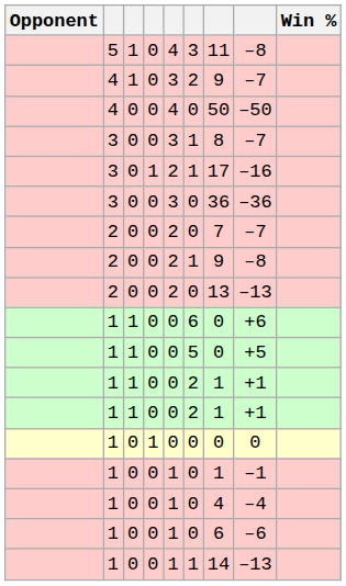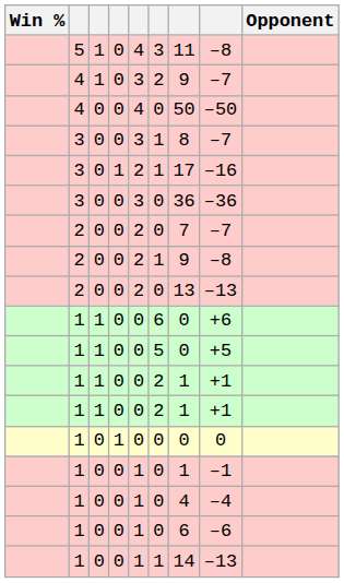 <table class="wikitable sortable" style="text-align:center">
 <tr>
-<th style=;"width:200;">Opponent</th>
+<th style=;"width:70;">Win %</th>
 <th style=;"width:70;"></th>
 <th style=;"width:70;"></th>
 <th style=;"width:70;"></th>
 <th style=;"width:70;"></th>
 <th style=;"width:70;"></th>
 <th style=;"width:70;"></th>
 <th style=;"width:70;"></th>
-<th style=;"width:70;">Win %</th>
+<th style=;"width:200;">Opponent</th>
 </tr>
 <tr style="background-color:#fcc;">
-<td style="text-align:left;"></td>
+<td></td>
 <td>5</td>
 <td>1</td>
 <td>0</td>
 <td>4</td>
 <td>3</td>
 <td>11</td>
 <td>–8</td>
-<td></td>
+<td style="text-align:left;"></td>
 </tr>
 <tr style="background-color:#fcc;">
-<td style="text-align:left;"></td>
+<td></td>
 <td>4</td>
 <td>1</td>
 <td>0</td>
 <td>3</td>
 <td>2</td>
 <td>9</td>
 <td>–7</td>
-<td></td>
+<td style="text-align:left;"></td>
 </tr>
 <tr style="background-color:#fcc;">
-<td style="text-align:left;"></td>
+<td></td>
 <td>4</td>
 <td>0</td>
 <td>0</td>
 <td>4</td>
 <td>0</td>
 <td>50</td>
 <td>–50</td>
-<td></td>
+<td style="text-align:left;"></td>
 </tr>
 <tr style="background-color:#fcc;">
-<td style="text-align:left;"></td>
+<td></td>
 <td>3</td>
 <td>0</td>
 <td>0</td>
 <td>3</td>
 <td>1</td>
 <td>8</td>
 <td>–7</td>
-<td></td>
+<td style="text-align:left;"></td>
 </tr>
 <tr style="background-color:#fcc;">
-<td style="text-align:left;"></td>
+<td></td>
 <td>3</td>
 <td>0</td>
 <td>1</td>
 <td>2</td>
 <td>1</td>
 <td>17</td>
 <td>–16</td>
-<td></td>
+<td style="text-align:left;"></td>
 </tr>
 <tr style="background-color:#fcc;">
-<td style="text-align:left;"></td>
+<td></td>
 <td>3</td>
 <td>0</td>
 <td>0</td>
 <td>3</td>
 <td>0</td>
 <td>36</td>
 <td>–36</td>
-<td></td>
+<td style="text-align:left;"></td>
 </tr>
 <tr style="background-color:#fcc;">
-<td style="text-align:left;"></td>
+<td></td>
 <td>2</td>
 <td>0</td>
 <td>0</td>
 <td>2</td>
 <td>0</td>
 <td>7</td>
 <td>–7</td>
-<td></td>
+<td style="text-align:left;"></td>
 </tr>
 <tr style="background-color:#fcc;">
-<td style="text-align:left;"></td>
+<td></td>
 <td>2</td>
 <td>0</td>
 <td>0</td>
 <td>2</td>
 <td>1</td>
 <td>9</td>
 <td>–8</td>
-<td></td>
+<td style="text-align:left;"></td>
 </tr>
 <tr style="background-color:#fcc;">
-<td style="text-align:left;"></td>
+<td></td>
 <td>2</td>
 <td>0</td>
 <td>0</td>
 <td>2</td>
 <td>0</td>
 <td>13</td>
 <td>–13</td>
-<td></td>
+<td style="text-align:left;"></td>
 </tr>
 <tr style="background-color:#cfc;">
-<td style="text-align:left;"></td>
+<td></td>
 <td>1</td>
 <td>1</td>
 <td>0</td>
 <td>0</td>
 <td>6</td>
 <td>0</td>
 <td>+6</td>
-<td></td>
+<td style="text-align:left;"></td>
 </tr>
 <tr style="background-color:#cfc;">
-<td style="text-align:left;"></td>
+<td></td>
 <td>1</td>
 <td>1</td>
 <td>0</td>
 <td>0</td>
 <td>5</td>
 <td>0</td>
 <td>+5</td>
-<td></td>
+<td style="text-align:left;"></td>
 </tr>
 <tr style="background-color:#cfc;">
-<td style="text-align:left;"></td>
+<td></td>
 <td>1</td>
 <td>1</td>
 <td>0</td>
 <td>0</td>
 <td>2</td>
 <td>1</td>
 <td>+1</td>
-<td></td>
+<td style="text-align:left;"></td>
 </tr>
 <tr style="background-color:#cfc;">
-<td style="text-align:left;"></td>
+<td></td>
 <td>1</td>
 <td>1</td>
 <td>0</td>
 <td>0</td>
 <td>2</td>
 <td>1</td>
 <td>+1</td>
-<td></td>
+<td style="text-align:left;"></td>
 </tr>
 <tr style="background-color:#ffc;">
-<td style="text-align:left;"></td>
+<td></td>
 <td>1</td>
 <td>0</td>
 <td>1</td>
 <td>0</td>
 <td>0</td>
 <td>0</td>
 <td>0</td>
-<td></td>
+<td style="text-align:left;"></td>
 </tr>
 <tr style="background-color:#fcc;">
-<td style="text-align:left;"></td>
+<td></td>
 <td>1</td>
 <td>0</td>
 <td>0</td>
 <td>1</td>
 <td>0</td>
 <td>1</td>
 <td>–1</td>
-<td></td>
+<td style="text-align:left;"></td>
 </tr>
 <tr style="background-color:#fcc;">
-<td style="text-align:left;"></td>
+<td></td>
 <td>1</td>
 <td>0</td>
 <td>0</td>
 <td>1</td>
 <td>0</td>
 <td>4</td>
 <td>–4</td>
-<td></td>
+<td style="text-align:left;"></td>
 </tr>
 <tr style="background-color:#fcc;">
-<td style="text-align:left;"></td>
+<td></td>
 <td>1</td>
 <td>0</td>
 <td>0</td>
 <td>1</td>
 <td>0</td>
 <td>6</td>
 <td>–6</td>
-<td></td>
+<td style="text-align:left;"></td>
 </tr>
 <tr style="background-color:#fcc;">
-<td style="text-align:left;"></td>
+<td></td>
 <td>1</td>
 <td>0</td>
 <td>0</td>
 <td>1</td>
 <td>1</td>
 <td>14</td>
 <td>–13</td>
-<td></td>
+<td style="text-align:left;"></td>
 </tr>
 </table>
